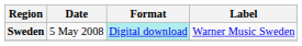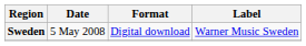 <table class="wikitable plainrowheaders">
 <tr>
 <th scope="col">Region</th>
 <th scope="col">Date</th>
 <th scope="col">Format</th>
 <th scope="col">Label</th>
 </tr>
 <tr>
 <th scope="row">Sweden</th>
 <td>5 May 2008</td>
-<td style="background: paleturquoise;"><a href='#'>Digital download</a></td>
+<td><a href='#'>Digital download</a></td>
 <td><a href='#'>Warner Music Sweden</a></td>
 </tr>
 <tr>
 </tr>
 </table>
